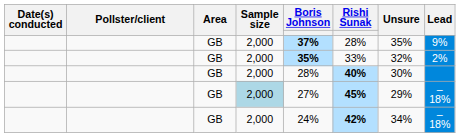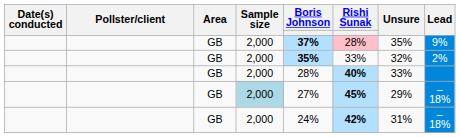 <table class="wikitable collapsible sortable mw-datatable" style="text-align:center;font-size:90%;line-height:14px">
 <tr>
 <th style="width:80px;" rowspan="2" class="unsortable">Date(s)<br>conducted</th>
 <th style="width:200px;" rowspan="2">Pollster/client</th>
 <th style="width:60px;" rowspan="2">Area</th>
 <th style="width:60px;" rowspan="2">Sample size</th>
 <th style="width:60px;" class="unsortable"><a href='#'>Boris Johnson</a></th>
 <th style="width:60px;" class="unsortable"><a href='#'>Rishi Sunak</a></th>
 <th style="width:60px;" rowspan="2" class="unsortable">Unsure</th>
 <th class="unsortable" style="width:20px;" rowspan="2">Lead</th>
 </tr>
 <tr>
 <th class="unsortable" style="color:inherit;background:"></th>
 <th class="unsortable" style="color:inherit;background:"></th>
 </tr>
 <tr>
 <td></td>
 <td></td>
 <td>GB</td>
 <td>2,000</td>
 <td style="background:#B3E0FF;"><strong>37%</strong></td>
-<td>28%</td>
+<td style="background: pink;">28%</td>
 <td>35%</td>
 <td style="background:#0087DC; color:white;">9%</td>
 </tr>
 <tr>
 <td></td>
 <td></td>
 <td>GB</td>
 <td>2,000</td>
 <td style="background:#B3E0FF;"><strong>35%</strong></td>
 <td>33%</td>
 <td>32%</td>
 <td style="background:#0087DC; color:white;">2%</td>
 </tr>
 <tr>
 <td></td>
 <td></td>
 <td>GB</td>
 <td>2,000</td>
 <td>28%</td>
 <td style="background:#B3E0FF;"><strong>40%</strong></td>
-<td>30%</td>
+<td>33%</td>
 <td style="background:#0087DC; color:white;"></td>
 </tr>
 <tr>
 <td></td>
 <td></td>
 <td>GB</td>
 <td style="background: lightblue;">2,000</td>
 <td>27%</td>
 <td style="background:#B3E0FF;"><strong>45%</strong></td>
 <td>29%</td>
 <td style="background:#0087DC; color:white;">–18%</td>
 </tr>
 <tr>
 <td></td>
 <td></td>
 <td>GB</td>
 <td>2,000</td>
 <td>24%</td>
 <td style="background:#B3E0FF;"><strong>42%</strong></td>
-<td>34%</td>
+<td>31%</td>
 <td style="background:#0087DC; color:white;">–18%</td>
 </tr>
 </table>
